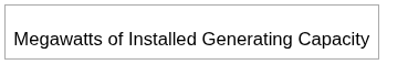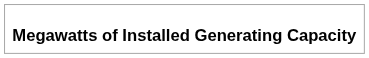 <table style="border:solid 1px #aaa;" cellpadding="7" cellspacing="0" class="left">
 <tr>
 <td></td>
 </tr>
 <tr>
-<td>Megawatts of Installed Generating Capacity</td>
+<td><strong>Megawatts of Installed Generating Capacity</strong></td>
 </tr>
 </table>
